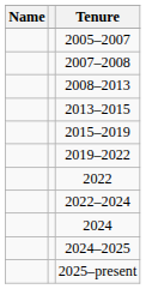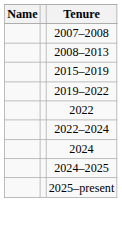 <table class="wikitable sortable" style="text-align:center">
 <tr>
 </tr>
 <tr>
 <th scope="col">Name</th>
 <th scope="col"></th>
 <th scope="col">Tenure</th>
 </tr>
 <tr>
 </tr>
 <tr>
 <td scope="row"></td>
 <td></td>
-<td>2005–2007</td>
-</tr>
-<tr>
-<td scope="row"></td>
-<td></td>
 <td>2007–2008</td>
 </tr>
 <tr>
 <td scope="row"></td>
 <td></td>
 <td>2008–2013</td>
-</tr>
-<tr>
-<td scope="row"></td>
-<td></td>
-<td>2013–2015</td>
 </tr>
 <tr>
 <td scope="row"></td>
 <td></td>
 <td>2015–2019</td>
 </tr>
 <tr>
 <td scope="row"></td>
 <td></td>
 <td>2019–2022</td>
 </tr>
 <tr>
 <td scope="row"></td>
 <td></td>
 <td>2022</td>
 </tr>
 <tr>
 <td scope="row"></td>
 <td></td>
 <td>2022–2024</td>
 </tr>
 <tr>
 <td scope="row"></td>
 <td></td>
 <td>2024</td>
 </tr>
 <tr>
 <td scope="row"></td>
 <td></td>
 <td>2024–2025</td>
 </tr>
 <tr>
 <td scope="row"></td>
 <td></td>
 <td>2025–present</td>
 </tr>
 </table>
